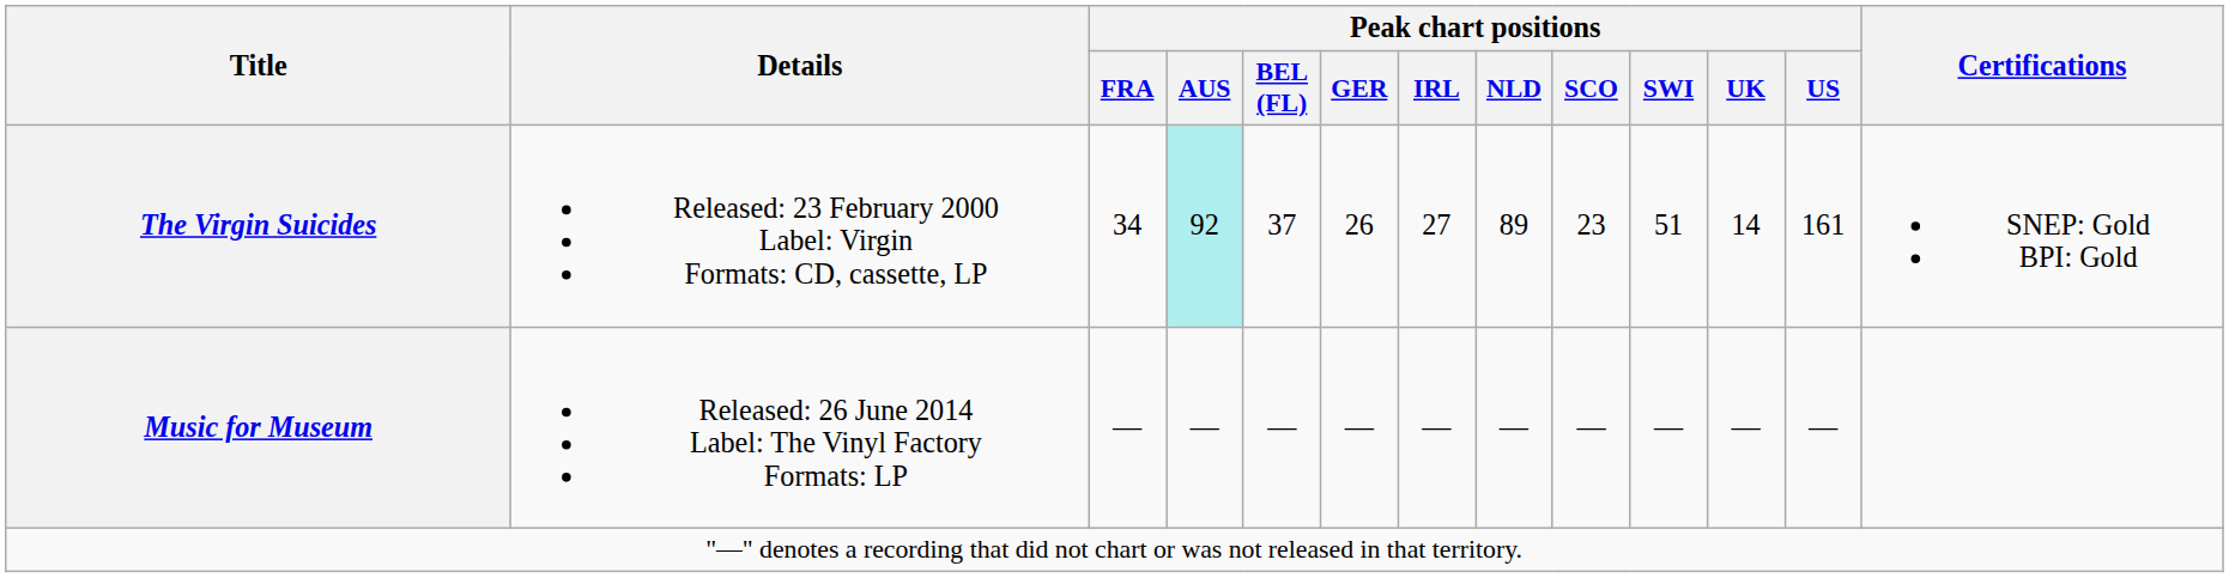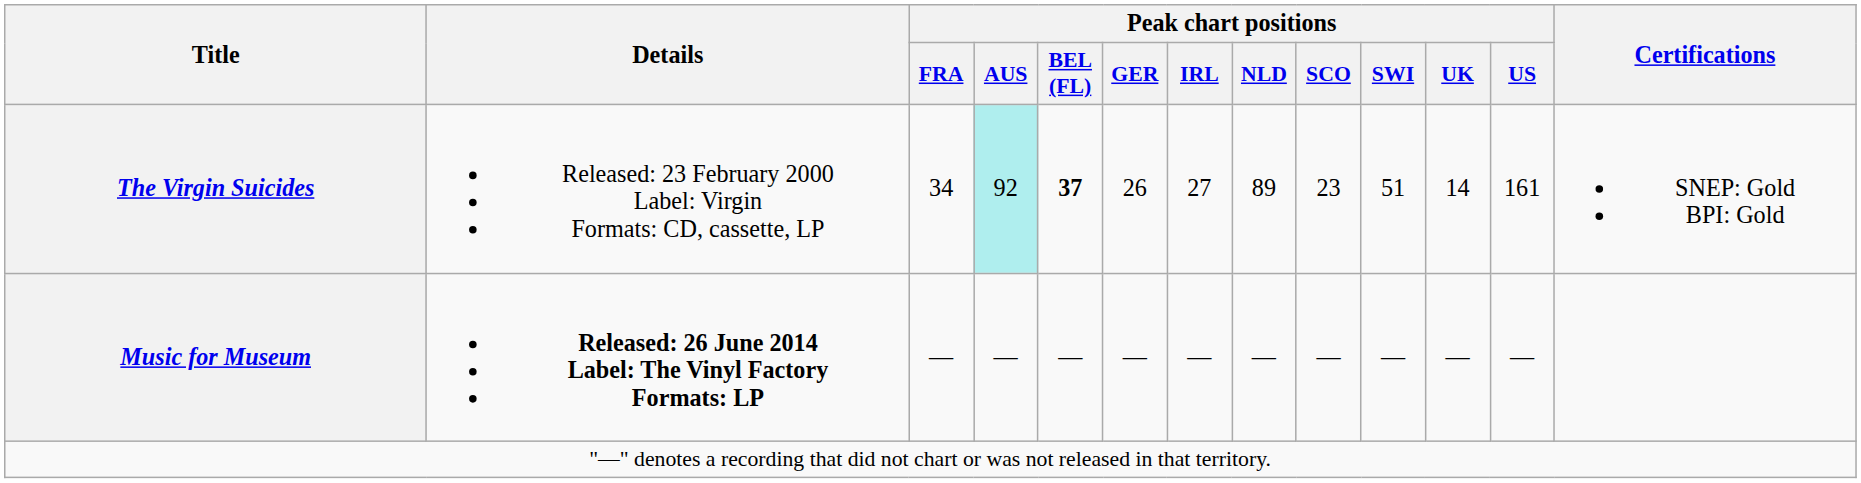 <table class="wikitable plainrowheaders" style="text-align:center;" border="1">
 <tr>
 <th scope="col" rowspan="2" style="width:17em;">Title</th>
 <th scope="col" rowspan="2" style="width:19.5em;">Details</th>
 <th scope="col" colspan="10">Peak chart positions</th>
 <th scope="col" rowspan="2" style="width:12em;"><a href='#'>Certifications</a></th>
 </tr>
 <tr>
 <th scope="col" style="width:2.5em;font-size:90%;"><a href='#'>FRA</a><br></th>
 <th scope="col" style="width:2.5em;font-size:90%;"><a href='#'>AUS</a><br></th>
 <th scope="col" style="width:2.5em;font-size:90%;"><a href='#'>BEL<br>(FL)</a><br></th>
 <th scope="col" style="width:2.5em;font-size:90%;"><a href='#'>GER</a><br></th>
 <th scope="col" style="width:2.5em;font-size:90%;"><a href='#'>IRL</a><br></th>
 <th scope="col" style="width:2.5em;font-size:90%;"><a href='#'>NLD</a><br></th>
 <th scope="col" style="width:2.5em;font-size:90%;"><a href='#'>SCO</a><br></th>
 <th scope="col" style="width:2.5em;font-size:90%;"><a href='#'>SWI</a><br></th>
 <th scope="col" style="width:2.5em;font-size:90%;"><a href='#'>UK</a><br></th>
 <th scope="col" style="width:2.5em;font-size:90%;"><a href='#'>US</a><br></th>
 </tr>
 <tr>
 <th scope="row"><em><a href='#'>The Virgin Suicides</a></em></th>
 <td><br><ul><li>Released: 23 February 2000</li><li>Label: Virgin</li><li>Formats: CD, cassette, LP</li></ul></td>
 <td>34</td>
 <td style="background: paleturquoise;">92</td>
-<td>37</td>
+<td><strong>37</strong></td>
 <td>26</td>
 <td>27</td>
 <td>89</td>
 <td>23</td>
 <td>51</td>
 <td>14</td>
 <td>161</td>
 <td><br><ul><li>SNEP: Gold</li><li>BPI: Gold</li></ul></td>
 </tr>
 <tr>
 <th scope="row"><em><a href='#'>Music for Museum</a></em></th>
-<td><br><ul><li>Released: 26 June 2014</li><li>Label: The Vinyl Factory</li><li>Formats: LP</li></ul></td>
+<td><strong><br><ul><li>Released: 26 June 2014</li><li>Label: The Vinyl Factory</li><li>Formats: LP</li></ul></strong></td>
 <td>—</td>
 <td>—</td>
 <td>—</td>
 <td>—</td>
 <td>—</td>
 <td>—</td>
 <td>—</td>
 <td>—</td>
 <td>—</td>
 <td>—</td>
 <td></td>
 </tr>
 <tr>
 <td colspan="15" style="font-size:90%">"—" denotes a recording that did not chart or was not released in that territory.</td>
 </tr>
 </table>
